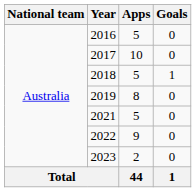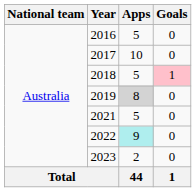 <table class="wikitable" style="text-align:center">
 <tr>
 <th>National team</th>
 <th>Year</th>
 <th>Apps</th>
 <th>Goals</th>
 </tr>
 <tr>
 <td rowspan="7"><a href='#'>Australia</a></td>
 <td>2016</td>
 <td>5</td>
 <td>0</td>
 </tr>
 <tr>
 <td>2017</td>
 <td>10</td>
 <td>0</td>
 </tr>
 <tr>
 <td>2018</td>
 <td>5</td>
-<td>1</td>
+<td style="background: pink;">1</td>
 </tr>
 <tr>
 <td>2019</td>
-<td>8</td>
+<td style="background: lightgrey;">8</td>
 <td>0</td>
 </tr>
 <tr>
 <td>2021</td>
 <td>5</td>
 <td>0</td>
 </tr>
 <tr>
 <td>2022</td>
-<td>9</td>
+<td style="background: paleturquoise;">9</td>
 <td>0</td>
 </tr>
 <tr>
 <td>2023</td>
 <td>2</td>
 <td>0</td>
 </tr>
 <tr>
 <th colspan="2">Total</th>
 <th>44</th>
 <th>1</th>
 </tr>
 </table>
